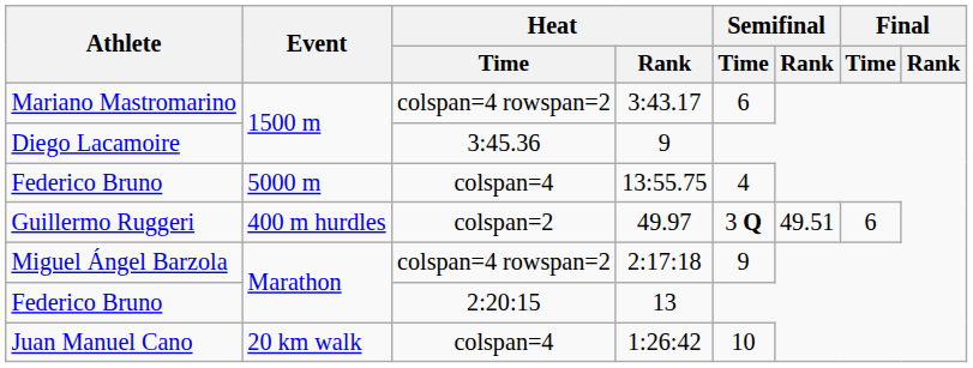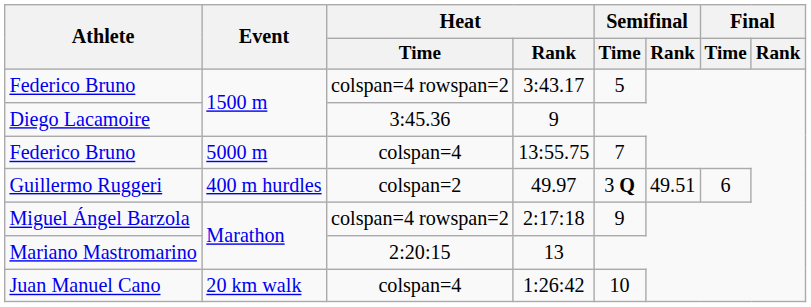 <table class="wikitable" style="font-size:90%;text-align:center">
 <tr>
 <th rowspan=2>Athlete</th>
 <th rowspan=2>Event</th>
 <th colspan=2>Heat</th>
 <th colspan=2>Semifinal</th>
 <th colspan=2>Final</th>
 </tr>
 <tr style=font-size:95%>
 <th>Time</th>
 <th>Rank</th>
 <th>Time</th>
 <th>Rank</th>
 <th>Time</th>
 <th>Rank</th>
 </tr>
 <tr>
-<td style="text-align:left"><a href='#'>Mariano Mastromarino</a></td>
+<td style="text-align:left"><a href='#'>Federico Bruno</a></td>
 <td style="text-align:left" rowspan=2><a href='#'>1500 m</a></td>
 <td>colspan=4 rowspan=2 </td>
 <td>3:43.17</td>
-<td>6</td>
+<td>5</td>
 </tr>
 <tr>
 <td style="text-align:left"><a href='#'>Diego Lacamoire</a></td>
 <td>3:45.36</td>
 <td>9</td>
 </tr>
 <tr>
 <td style="text-align:left"><a href='#'>Federico Bruno</a></td>
 <td style="text-align:left"><a href='#'>5000 m</a></td>
 <td>colspan=4 </td>
 <td>13:55.75</td>
-<td>4</td>
+<td>7</td>
 </tr>
 <tr>
 <td style="text-align:left"><a href='#'>Guillermo Ruggeri</a></td>
 <td style="text-align:left"><a href='#'>400 m hurdles</a></td>
 <td>colspan=2 </td>
 <td>49.97</td>
 <td>3 <strong>Q</strong></td>
 <td>49.51</td>
 <td>6</td>
 </tr>
 <tr>
 <td style="text-align:left"><a href='#'>Miguel Ángel Barzola</a></td>
 <td style="text-align:left" rowspan=2><a href='#'>Marathon</a></td>
 <td>colspan=4 rowspan=2 </td>
 <td>2:17:18</td>
 <td>9</td>
 </tr>
 <tr>
-<td style="text-align:left"><a href='#'>Federico Bruno</a></td>
+<td style="text-align:left"><a href='#'>Mariano Mastromarino</a></td>
 <td>2:20:15</td>
 <td>13</td>
 </tr>
 <tr>
 <td style="text-align:left"><a href='#'>Juan Manuel Cano</a></td>
 <td style="text-align:left"><a href='#'>20 km walk</a></td>
 <td>colspan=4 </td>
 <td>1:26:42</td>
 <td>10</td>
 </tr>
 </table>
